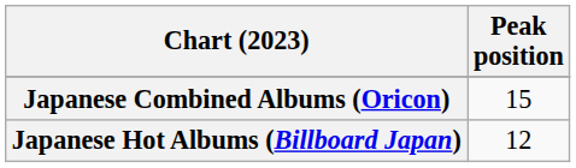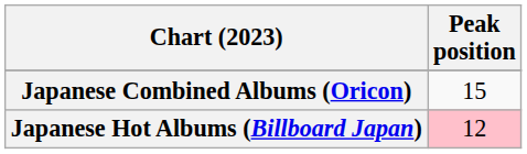 <table class="wikitable sortable plainrowheaders" style="text-align:center;">
 <tr>
 <th scope="col">Chart (2023)</th>
 <th scope="col">Peak<br>position</th>
 </tr>
 <tr>
 </tr>
 <tr>
 <th scope="row">Japanese Combined Albums (<a href='#'>Oricon</a>)</th>
 <td>15</td>
 </tr>
 <tr>
 <th scope="row">Japanese Hot Albums (<em><a href='#'>Billboard Japan</a></em>)</th>
-<td>12</td>
+<td style="background: pink;">12</td>
 </tr>
 </table>
